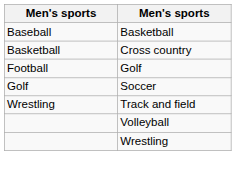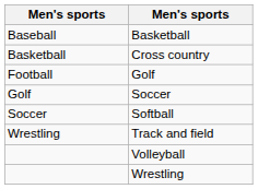 <table class="wikitable"; style= "text-align: ">
 <tr>
 <th width=150px>Men's sports</th>
 <th width=150px>Men's sports</th>
 </tr>
 <tr>
 <td>Baseball</td>
 <td>Basketball</td>
 </tr>
 <tr>
 <td>Basketball</td>
 <td>Cross country</td>
 </tr>
 <tr>
 <td>Football</td>
 <td>Golf</td>
 </tr>
 <tr>
 <td>Golf</td>
 <td>Soccer</td>
 </tr>
 <tr>
+<td>Soccer</td>
+<td>Softball</td>
+</tr>
+<tr>
 <td>Wrestling</td>
 <td>Track and field</td>
 </tr>
 <tr>
 <td></td>
 <td>Volleyball</td>
 </tr>
 <tr>
 <td></td>
 <td>Wrestling</td>
 </tr>
 </table>
